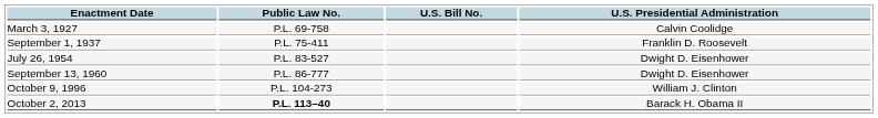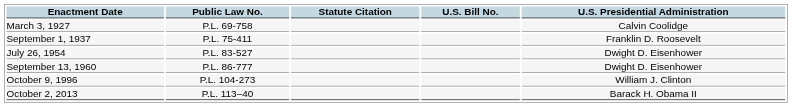 <table style="border:1px solid gray; align:left; width:100%" cellspacing=3 cellpadding=0>
 <tr style="font-weight:bold; text-align:center; background:#c4d8e2; color:black;">
 <th style=" border-bottom:1.5px solid black">Enactment Date</th>
 <th style=" border-bottom:1.5px solid black">Public Law No.</th>
+<th style=" border-bottom:1.5px solid black">Statute Citation</th>
 <th style=" border-bottom:1.5px solid black">U.S. Bill No.</th>
 <th style=" border-bottom:1.5px solid black">U.S. Presidential Administration</th>
 </tr>
 <tr>
 <td style="border-bottom:1px solid gray; background:#F5F5F5;">March 3, 1927</td>
 <td style="border-bottom:1px solid gray; background:#F5F5F5; text-align:center;">P.L. 69-758</td>
 <td style="border-bottom:1px solid gray; background:#F5F5F5; text-align:center;"></td>
+<td style="border-bottom:1px solid gray; background:#F5F5F5; text-align:center;"></td>
 <td style="border-bottom:1px solid gray; background:#F5F5F5; text-align:center;">Calvin Coolidge</td>
 </tr>
 <tr>
 <td style="border-bottom:1px solid gray; background:#F5F5F5;">September 1, 1937</td>
 <td style="border-bottom:1px solid gray; background:#F5F5F5; text-align:center;">P.L. 75-411</td>
+<td style="border-bottom:1px solid gray; background:#F5F5F5; text-align:center;"></td>
 <td style="border-bottom:1px solid gray; background:#F5F5F5; text-align:center;"></td>
 <td style="border-bottom:1px solid gray; background:#F5F5F5; text-align:center;">Franklin D. Roosevelt</td>
 </tr>
 <tr>
 <td style="border-bottom:1px solid gray; background:#F5F5F5;">July 26, 1954</td>
 <td style="border-bottom:1px solid gray; background:#F5F5F5; text-align:center;">P.L. 83-527</td>
 <td style="border-bottom:1px solid gray; background:#F5F5F5; text-align:center;"></td>
+<td style="border-bottom:1px solid gray; background:#F5F5F5; text-align:center;"></td>
 <td style="border-bottom:1px solid gray; background:#F5F5F5; text-align:center;">Dwight D. Eisenhower</td>
 </tr>
 <tr>
 <td style="border-bottom:1px solid gray; background:#F5F5F5;">September 13, 1960</td>
 <td style="border-bottom:1px solid gray; background:#F5F5F5; text-align:center;">P.L. 86-777</td>
+<td style="border-bottom:1px solid gray; background:#F5F5F5; text-align:center;"></td>
 <td style="border-bottom:1px solid gray; background:#F5F5F5; text-align:center;"></td>
 <td style="border-bottom:1px solid gray; background:#F5F5F5; text-align:center;">Dwight D. Eisenhower</td>
 </tr>
 <tr>
 <td style="border-bottom:1px solid gray; background:#F5F5F5;">October 9, 1996</td>
 <td style="border-bottom:1px solid gray; background:#F5F5F5; text-align:center;">P.L. 104-273</td>
 <td style="border-bottom:1px solid gray; background:#F5F5F5; text-align:center;"></td>
+<td style="border-bottom:1px solid gray; background:#F5F5F5; text-align:center;"></td>
 <td style="border-bottom:1px solid gray; background:#F5F5F5; text-align:center;">William J. Clinton</td>
 </tr>
 <tr>
 <td style="border-bottom:1.5px solid black; background:#F5F5F5;">October 2, 2013</td>
-<td style="border-bottom:1.5px solid black; background:#F5F5F5; text-align:center;"><strong>P.L. 113–40</strong></td>
+<td style="border-bottom:1.5px solid black; background:#F5F5F5; text-align:center;">P.L. 113–40</td>
+<td style="border-bottom:1.5px solid black; background:#F5F5F5; text-align:center;"></td>
 <td style="border-bottom:1.5px solid black; background:#F5F5F5; text-align:center;"></td>
 <td style="border-bottom:1.5px solid black; background:#F5F5F5; text-align:center;">Barack H. Obama II</td>
 </tr>
 </table>
